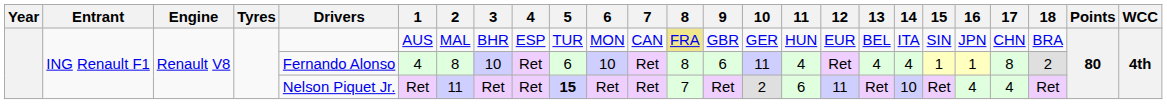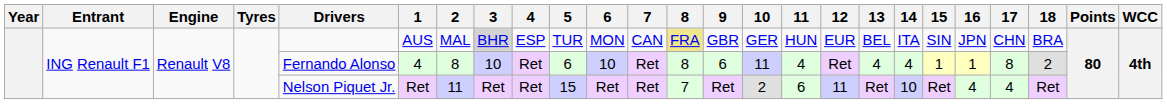 <table class="wikitable" style="text-align:center; font-size:95%">
 <tr>
 <th>Year</th>
 <th>Entrant</th>
 <th>Engine</th>
 <th>Tyres</th>
 <th>Drivers</th>
 <th>1</th>
 <th>2</th>
 <th>3</th>
 <th>4</th>
 <th>5</th>
 <th>6</th>
 <th>7</th>
 <th>8</th>
 <th>9</th>
 <th>10</th>
 <th>11</th>
 <th>12</th>
 <th>13</th>
 <th>14</th>
 <th>15</th>
 <th>16</th>
 <th>17</th>
 <th>18</th>
 <th>Points</th>
 <th>WCC</th>
 </tr>
 <tr>
 <th rowspan="3"></th>
 <td rowspan="3"><a href='#'>ING</a> <a href='#'>Renault F1</a></td>
 <td rowspan="3"><a href='#'>Renault</a> <a href='#'>V8</a></td>
 <td rowspan="3"></td>
 <td></td>
 <td><a href='#'>AUS</a></td>
 <td><a href='#'>MAL</a></td>
-<td><a href='#'>BHR</a></td>
+<td style="background: lightgrey;"><a href='#'>BHR</a></td>
 <td><a href='#'>ESP</a></td>
 <td><a href='#'>TUR</a></td>
 <td><a href='#'>MON</a></td>
 <td><a href='#'>CAN</a></td>
 <td style="background: khaki;"><a href='#'>FRA</a></td>
 <td><a href='#'>GBR</a></td>
 <td><a href='#'>GER</a></td>
 <td><a href='#'>HUN</a></td>
 <td><a href='#'>EUR</a></td>
 <td><a href='#'>BEL</a></td>
 <td><a href='#'>ITA</a></td>
 <td><a href='#'>SIN</a></td>
 <td><a href='#'>JPN</a></td>
 <td><a href='#'>CHN</a></td>
 <td><a href='#'>BRA</a></td>
 <th rowspan="3">80</th>
 <th rowspan="3">4th</th>
 </tr>
 <tr>
 <td><a href='#'>Fernando Alonso</a></td>
 <td style="background:#DFFFDF;">4</td>
 <td style="background:#DFFFDF;">8</td>
 <td style="background:#CFCFFF;">10</td>
 <td style="background:#EFCFFF;">Ret</td>
 <td style="background:#DFFFDF;">6</td>
 <td style="background:#CFCFFF;">10</td>
 <td style="background:#EFCFFF;">Ret</td>
 <td style="background:#DFFFDF;">8</td>
 <td style="background:#DFFFDF;">6</td>
 <td style="background:#CFCFFF;">11</td>
 <td style="background:#DFFFDF;">4</td>
 <td style="background:#EFCFFF;">Ret</td>
 <td style="background:#DFFFDF;">4</td>
 <td style="background:#DFFFDF;">4</td>
 <td style="background:#FFFFBF;">1</td>
 <td style="background:#FFFFBF;">1</td>
 <td style="background:#DFFFDF;">8</td>
 <td style="background:#DFDFDF;">2</td>
 </tr>
 <tr>
 <td><a href='#'>Nelson Piquet Jr.</a></td>
 <td style="background:#EFCFFF;">Ret</td>
 <td style="background:#CFCFFF;">11</td>
 <td style="background:#EFCFFF;">Ret</td>
 <td style="background:#EFCFFF;">Ret</td>
-<td style="background:#CFCFFF;"><strong>15</strong></td>
+<td style="background:#CFCFFF;">15</td>
 <td style="background:#EFCFFF;">Ret</td>
 <td style="background:#EFCFFF;">Ret</td>
 <td style="background:#DFFFDF;">7</td>
 <td style="background:#EFCFFF;">Ret</td>
 <td style="background:#DFDFDF;">2</td>
 <td style="background:#DFFFDF;">6</td>
 <td style="background:#CFCFFF;">11</td>
 <td style="background:#EFCFFF;">Ret</td>
 <td style="background:#CFCFFF;">10</td>
 <td style="background:#EFCFFF;">Ret</td>
 <td style="background:#DFFFDF;">4</td>
 <td style="background:#DFFFDF;">4</td>
 <td style="background:#EFCFFF;">Ret</td>
 </tr>
 </table>
